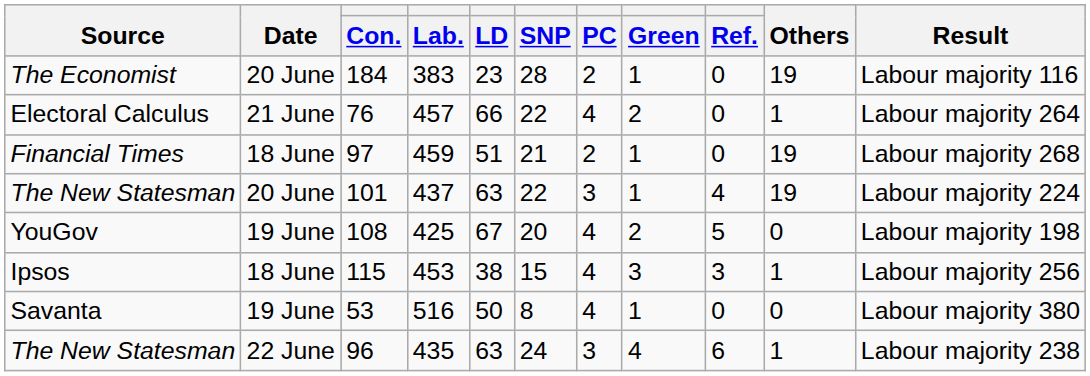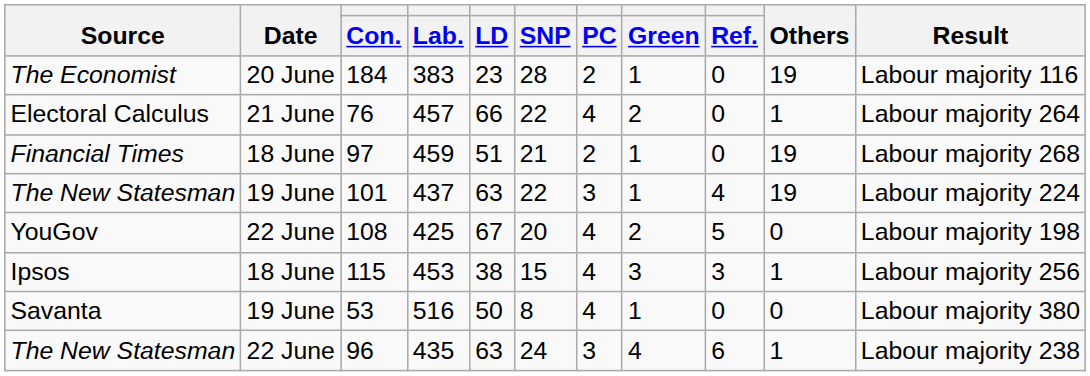 <table class="wikitable sortable mw-collapsible">
 <tr style="vertical-align:bottom;">
 <th rowspan=2>Source</th>
 <th rowspan=2>Date</th>
 <th style="background:"></th>
 <th style="background:"></th>
 <th style="background:"></th>
 <th style="background:"></th>
 <th style="background:"></th>
 <th style="background:"></th>
 <th style="background:"></th>
 <th rowspan=2>Others</th>
 <th rowspan=2>Result</th>
 </tr>
 <tr style="vertical-align:bottom;">
 <th><a href='#'>Con.</a></th>
 <th><a href='#'>Lab.</a></th>
 <th><a href='#'>LD</a></th>
 <th><a href='#'>SNP</a></th>
 <th><a href='#'>PC</a></th>
 <th><a href='#'>Green</a></th>
 <th><a href='#'>Ref.</a></th>
 </tr>
 <tr>
 <td><em>The Economist</em></td>
 <td>20 June</td>
 <td>184</td>
 <td>383</td>
 <td>23</td>
 <td>28</td>
 <td>2</td>
 <td>1</td>
 <td>0</td>
 <td>19</td>
 <td>Labour majority 116</td>
 </tr>
 <tr>
 <td>Electoral Calculus</td>
 <td>21 June</td>
 <td>76</td>
 <td>457</td>
 <td>66</td>
 <td>22</td>
 <td>4</td>
 <td>2</td>
 <td>0</td>
 <td>1</td>
 <td>Labour majority 264</td>
 </tr>
 <tr>
 <td><em>Financial Times</em></td>
 <td>18 June</td>
 <td>97</td>
 <td>459</td>
 <td>51</td>
 <td>21</td>
 <td>2</td>
 <td>1</td>
 <td>0</td>
 <td>19</td>
 <td>Labour majority 268</td>
 </tr>
 <tr>
 <td><em>The New Statesman</em></td>
-<td>20 June</td>
+<td>19 June</td>
 <td>101</td>
 <td>437</td>
 <td>63</td>
 <td>22</td>
 <td>3</td>
 <td>1</td>
 <td>4</td>
 <td>19</td>
 <td>Labour majority 224</td>
 </tr>
 <tr>
 <td>YouGov</td>
-<td>19 June</td>
+<td>22 June</td>
 <td>108</td>
 <td>425</td>
 <td>67</td>
 <td>20</td>
 <td>4</td>
 <td>2</td>
 <td>5</td>
 <td>0</td>
 <td>Labour majority 198</td>
 </tr>
 <tr>
 <td>Ipsos</td>
 <td>18 June</td>
 <td>115</td>
 <td>453</td>
 <td>38</td>
 <td>15</td>
 <td>4</td>
 <td>3</td>
 <td>3</td>
 <td>1</td>
 <td>Labour majority 256</td>
 </tr>
 <tr>
 <td>Savanta</td>
 <td>19 June</td>
 <td>53</td>
 <td>516</td>
 <td>50</td>
 <td>8</td>
 <td>4</td>
 <td>1</td>
 <td>0</td>
 <td>0</td>
 <td>Labour majority 380</td>
 </tr>
 <tr>
 <td><em>The New Statesman</em></td>
 <td>22 June</td>
 <td>96</td>
 <td>435</td>
 <td>63</td>
 <td>24</td>
 <td>3</td>
 <td>4</td>
 <td>6</td>
 <td>1</td>
 <td>Labour majority 238</td>
 </tr>
 </table>
